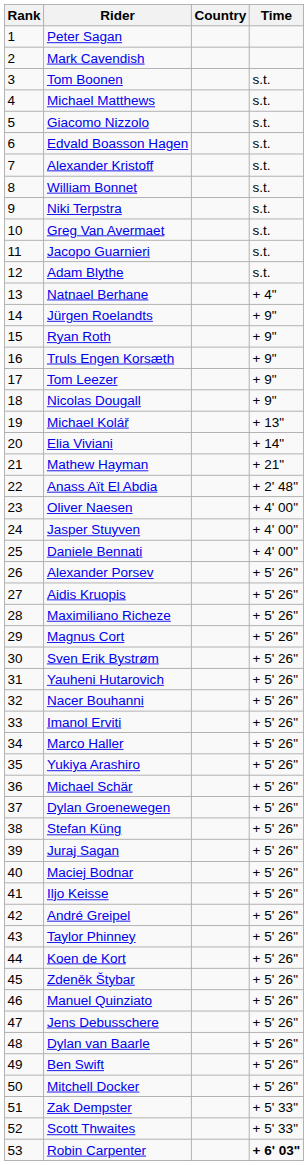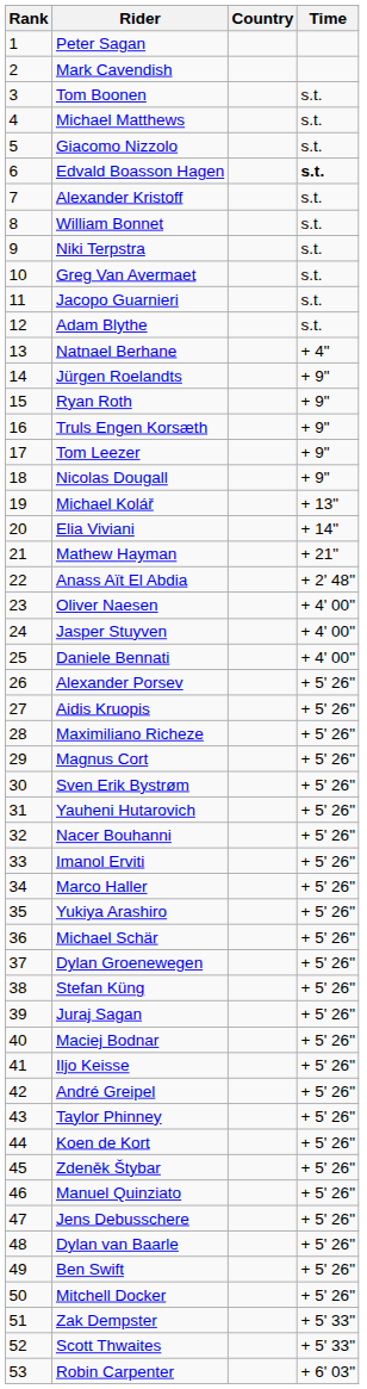 <table class="wikitable" style="font-size:95%; text-align:left;">
 <tr>
 <th>Rank</th>
 <th>Rider</th>
 <th>Country</th>
 <th>Time</th>
 </tr>
 <tr>
 <td>1</td>
 <td><a href='#'>Peter Sagan</a></td>
 <td></td>
 <td></td>
 </tr>
 <tr>
 <td>2</td>
 <td><a href='#'>Mark Cavendish</a></td>
 <td></td>
 <td></td>
 </tr>
 <tr>
 <td>3</td>
 <td><a href='#'>Tom Boonen</a></td>
 <td></td>
 <td>s.t.</td>
 </tr>
 <tr>
 <td>4</td>
 <td><a href='#'>Michael Matthews</a></td>
 <td></td>
 <td>s.t.</td>
 </tr>
 <tr>
 <td>5</td>
 <td><a href='#'>Giacomo Nizzolo</a></td>
 <td></td>
 <td>s.t.</td>
 </tr>
 <tr>
 <td>6</td>
 <td><a href='#'>Edvald Boasson Hagen</a></td>
 <td></td>
-<td>s.t.</td>
+<td><strong>s.t.</strong></td>
 </tr>
 <tr>
 <td>7</td>
 <td><a href='#'>Alexander Kristoff</a></td>
 <td></td>
 <td>s.t.</td>
 </tr>
 <tr>
 <td>8</td>
 <td><a href='#'>William Bonnet</a></td>
 <td></td>
 <td>s.t.</td>
 </tr>
 <tr>
 <td>9</td>
 <td><a href='#'>Niki Terpstra</a></td>
 <td></td>
 <td>s.t.</td>
 </tr>
 <tr>
 <td>10</td>
 <td><a href='#'>Greg Van Avermaet</a></td>
 <td></td>
 <td>s.t.</td>
 </tr>
 <tr>
 <td>11</td>
 <td><a href='#'>Jacopo Guarnieri</a></td>
 <td></td>
 <td>s.t.</td>
 </tr>
 <tr>
 <td>12</td>
 <td><a href='#'>Adam Blythe</a></td>
 <td></td>
 <td>s.t.</td>
 </tr>
 <tr>
 <td>13</td>
 <td><a href='#'>Natnael Berhane</a></td>
 <td></td>
 <td>+ 4"</td>
 </tr>
 <tr>
 <td>14</td>
 <td><a href='#'>Jürgen Roelandts</a></td>
 <td></td>
 <td>+ 9"</td>
 </tr>
 <tr>
 <td>15</td>
 <td><a href='#'>Ryan Roth</a></td>
 <td></td>
 <td>+ 9"</td>
 </tr>
 <tr>
 <td>16</td>
 <td><a href='#'>Truls Engen Korsæth</a></td>
 <td></td>
 <td>+ 9"</td>
 </tr>
 <tr>
 <td>17</td>
 <td><a href='#'>Tom Leezer</a></td>
 <td></td>
 <td>+ 9"</td>
 </tr>
 <tr>
 <td>18</td>
 <td><a href='#'>Nicolas Dougall</a></td>
 <td></td>
 <td>+ 9"</td>
 </tr>
 <tr>
 <td>19</td>
 <td><a href='#'>Michael Kolář</a></td>
 <td></td>
 <td>+ 13"</td>
 </tr>
 <tr>
 <td>20</td>
 <td><a href='#'>Elia Viviani</a></td>
 <td></td>
 <td>+ 14"</td>
 </tr>
 <tr>
 <td>21</td>
 <td><a href='#'>Mathew Hayman</a></td>
 <td></td>
 <td>+ 21"</td>
 </tr>
 <tr>
 <td>22</td>
 <td><a href='#'>Anass Aït El Abdia</a></td>
 <td></td>
 <td>+ 2' 48"</td>
 </tr>
 <tr>
 <td>23</td>
 <td><a href='#'>Oliver Naesen</a></td>
 <td></td>
 <td>+ 4' 00"</td>
 </tr>
 <tr>
 <td>24</td>
 <td><a href='#'>Jasper Stuyven</a></td>
 <td></td>
 <td>+ 4' 00"</td>
 </tr>
 <tr>
 <td>25</td>
 <td><a href='#'>Daniele Bennati</a></td>
 <td></td>
 <td>+ 4' 00"</td>
 </tr>
 <tr>
 <td>26</td>
 <td><a href='#'>Alexander Porsev</a></td>
 <td></td>
 <td>+ 5' 26"</td>
 </tr>
 <tr>
 <td>27</td>
 <td><a href='#'>Aidis Kruopis</a></td>
 <td></td>
 <td>+ 5' 26"</td>
 </tr>
 <tr>
 <td>28</td>
 <td><a href='#'>Maximiliano Richeze</a></td>
 <td></td>
 <td>+ 5' 26"</td>
 </tr>
 <tr>
 <td>29</td>
 <td><a href='#'>Magnus Cort</a></td>
 <td></td>
 <td>+ 5' 26"</td>
 </tr>
 <tr>
 <td>30</td>
 <td><a href='#'>Sven Erik Bystrøm</a></td>
 <td></td>
 <td>+ 5' 26"</td>
 </tr>
 <tr>
 <td>31</td>
 <td><a href='#'>Yauheni Hutarovich</a></td>
 <td></td>
 <td>+ 5' 26"</td>
 </tr>
 <tr>
 <td>32</td>
 <td><a href='#'>Nacer Bouhanni</a></td>
 <td></td>
 <td>+ 5' 26"</td>
 </tr>
 <tr>
 <td>33</td>
 <td><a href='#'>Imanol Erviti</a></td>
 <td></td>
 <td>+ 5' 26"</td>
 </tr>
 <tr>
 <td>34</td>
 <td><a href='#'>Marco Haller</a></td>
 <td></td>
 <td>+ 5' 26"</td>
 </tr>
 <tr>
 <td>35</td>
 <td><a href='#'>Yukiya Arashiro</a></td>
 <td></td>
 <td>+ 5' 26"</td>
 </tr>
 <tr>
 <td>36</td>
 <td><a href='#'>Michael Schär</a></td>
 <td></td>
 <td>+ 5' 26"</td>
 </tr>
 <tr>
 <td>37</td>
 <td><a href='#'>Dylan Groenewegen</a></td>
 <td></td>
 <td>+ 5' 26"</td>
 </tr>
 <tr>
 <td>38</td>
 <td><a href='#'>Stefan Küng</a></td>
 <td></td>
 <td>+ 5' 26"</td>
 </tr>
 <tr>
 <td>39</td>
 <td><a href='#'>Juraj Sagan</a></td>
 <td></td>
 <td>+ 5' 26"</td>
 </tr>
 <tr>
 <td>40</td>
 <td><a href='#'>Maciej Bodnar</a></td>
 <td></td>
 <td>+ 5' 26"</td>
 </tr>
 <tr>
 <td>41</td>
 <td><a href='#'>Iljo Keisse</a></td>
 <td></td>
 <td>+ 5' 26"</td>
 </tr>
 <tr>
 <td>42</td>
 <td><a href='#'>André Greipel</a></td>
 <td></td>
 <td>+ 5' 26"</td>
 </tr>
 <tr>
 <td>43</td>
 <td><a href='#'>Taylor Phinney</a></td>
 <td></td>
 <td>+ 5' 26"</td>
 </tr>
 <tr>
 <td>44</td>
 <td><a href='#'>Koen de Kort</a></td>
 <td></td>
 <td>+ 5' 26"</td>
 </tr>
 <tr>
 <td>45</td>
 <td><a href='#'>Zdeněk Štybar</a></td>
 <td></td>
 <td>+ 5' 26"</td>
 </tr>
 <tr>
 <td>46</td>
 <td><a href='#'>Manuel Quinziato</a></td>
 <td></td>
 <td>+ 5' 26"</td>
 </tr>
 <tr>
 <td>47</td>
 <td><a href='#'>Jens Debusschere</a></td>
 <td></td>
 <td>+ 5' 26"</td>
 </tr>
 <tr>
 <td>48</td>
 <td><a href='#'>Dylan van Baarle</a></td>
 <td></td>
 <td>+ 5' 26"</td>
 </tr>
 <tr>
 <td>49</td>
 <td><a href='#'>Ben Swift</a></td>
 <td></td>
 <td>+ 5' 26"</td>
 </tr>
 <tr>
 <td>50</td>
 <td><a href='#'>Mitchell Docker</a></td>
 <td></td>
 <td>+ 5' 26"</td>
 </tr>
 <tr>
 <td>51</td>
 <td><a href='#'>Zak Dempster</a></td>
 <td></td>
 <td>+ 5' 33"</td>
 </tr>
 <tr>
 <td>52</td>
 <td><a href='#'>Scott Thwaites</a></td>
 <td></td>
 <td>+ 5' 33"</td>
 </tr>
 <tr>
 <td>53</td>
 <td><a href='#'>Robin Carpenter</a></td>
 <td></td>
-<td><strong>+ 6' 03"</strong></td>
+<td>+ 6' 03"</td>
 </tr>
 </table>
